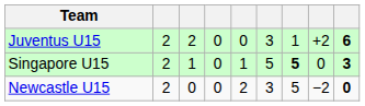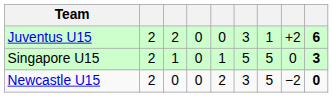 <table class="wikitable" style="text-align:center;">
 <tr>
 <th width=150>Team</th>
 <th width=20></th>
 <th width=20></th>
 <th width=20></th>
 <th width=20></th>
 <th width=20></th>
 <th width=20></th>
 <th width=20></th>
 <th width=20></th>
 </tr>
 <tr style="background:#cfc;">
 <td align=left> <a href='#'>Juventus U15</a></td>
 <td>2</td>
 <td>2</td>
 <td>0</td>
 <td>0</td>
 <td>3</td>
 <td>1</td>
 <td>+2</td>
 <td><strong>6</strong></td>
 </tr>
 <tr style="background:#cfc;">
 <td align=left> Singapore U15</td>
 <td>2</td>
 <td>1</td>
 <td>0</td>
 <td>1</td>
 <td>5</td>
-<td><strong>5</strong></td>
+<td>5</td>
 <td>0</td>
 <td><strong>3</strong></td>
 </tr>
 <tr>
 <td align=left> <a href='#'>Newcastle U15</a></td>
 <td>2</td>
 <td>0</td>
 <td>0</td>
 <td>2</td>
 <td>3</td>
 <td>5</td>
 <td>−2</td>
 <td><strong>0</strong></td>
 </tr>
 </table>
